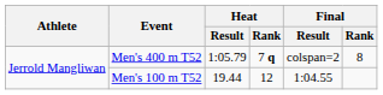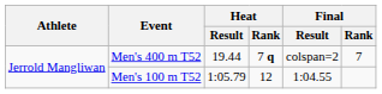 <table class="wikitable" style="font-size:90%">
 <tr>
 <th rowspan="2">Athlete</th>
 <th rowspan="2">Event</th>
 <th colspan="2">Heat</th>
 <th colspan="2">Final</th>
 </tr>
 <tr style="font-size:95%">
 <th>Result</th>
 <th>Rank</th>
 <th>Result</th>
 <th>Rank</th>
 </tr>
 <tr align=center>
 <td rowspan="2" align=left><a href='#'>Jerrold Mangliwan</a></td>
 <td align=left><a href='#'>Men's 400 m T52</a></td>
-<td>1:05.79</td>
+<td>19.44</td>
 <td>7 <strong>q</strong></td>
 <td>colspan=2 </td>
-<td>8</td>
+<td>7</td>
 </tr>
 <tr align=center>
 <td align=left><a href='#'>Men's 100 m T52</a></td>
-<td>19.44</td>
+<td>1:05.79</td>
 <td>12</td>
 <td>1:04.55</td>
 </tr>
 </table>
